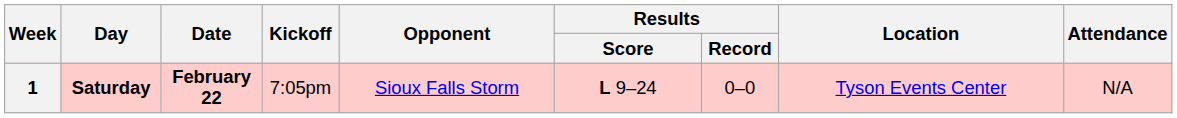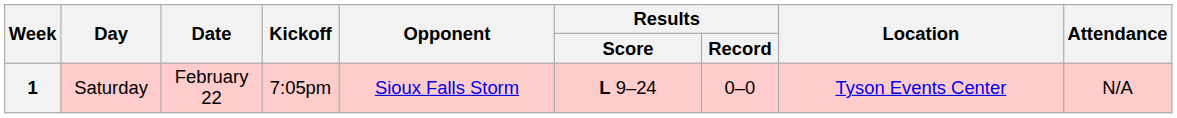 <table class="wikitable">
 <tr>
 <th rowspan="2" width="40">Week</th>
 <th rowspan="2" width="80">Day</th>
 <th rowspan="2" width="80">Date</th>
 <th rowspan="2" width="60">Kickoff</th>
 <th rowspan="2" width="180">Opponent</th>
 <th colspan="2" width="180">Results</th>
 <th rowspan="2" width="240">Location</th>
 <th rowspan="2" width=>Attendance</th>
 </tr>
 <tr>
 <th width="120">Score</th>
 <th width="60">Record</th>
 </tr>
 <tr align="center" bgcolor="#FFCCCC">
 <th>1</th>
-<td><strong>Saturday</strong></td>
-<td><strong>February 22</strong></td>
+<td>Saturday</td>
+<td>February 22</td>
 <td>7:05pm</td>
 <td><a href='#'>Sioux Falls Storm</a></td>
 <td><strong>L</strong> 9–24</td>
 <td>0–0</td>
 <td><a href='#'>Tyson Events Center</a></td>
 <td>N/A</td>
 </tr>
 </table>
